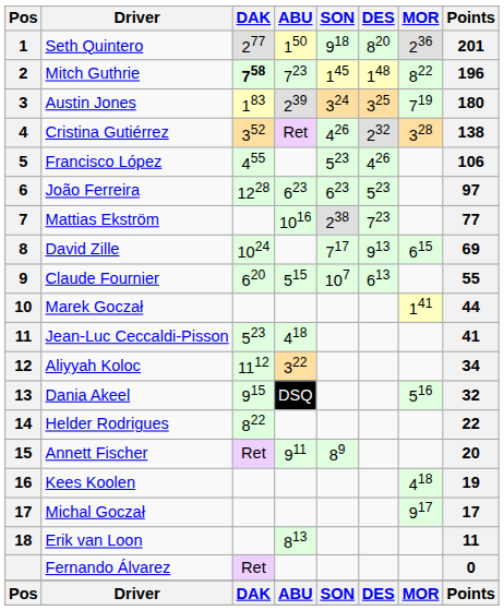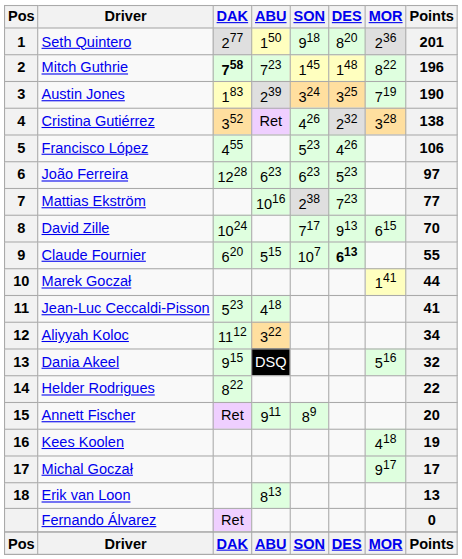 <table class="wikitable" style="font-size: 85%; text-align: center; display: inline-table;">
 <tr valign="top">
 <th valign="middle">Pos</th>
 <th valign="middle">Driver</th>
 <th><a href='#'>DAK</a><br></th>
 <th><a href='#'>ABU</a><br></th>
 <th><a href='#'>SON</a><br></th>
 <th><a href='#'>DES</a><br></th>
 <th><a href='#'>MOR</a><br></th>
 <th valign="middle">Points</th>
 </tr>
 <tr>
 <th>1</th>
 <td align=left> <a href='#'>Seth Quintero</a></td>
 <td style="background:#dfdfdf;">2<sup>77</sup></td>
 <td style="background:#ffffbf;">1<sup>50</sup></td>
 <td style="background:#dfffdf;">9<sup>18</sup></td>
 <td style="background:#dfffdf;">8<sup>20</sup></td>
 <td style="background:#dfdfdf;">2<sup>36</sup></td>
 <th>201</th>
 </tr>
 <tr>
 <th>2</th>
 <td align=left> <a href='#'>Mitch Guthrie</a></td>
 <td style="background:#dfffdf;"><strong>7<sup>58</sup></strong></td>
 <td style="background:#dfffdf;">7<sup>23</sup></td>
 <td style="background:#ffffbf;">1<sup>45</sup></td>
 <td style="background:#ffffbf;">1<sup>48</sup></td>
 <td style="background:#dfffdf;">8<sup>22</sup></td>
 <th>196</th>
 </tr>
 <tr>
 <th>3</th>
 <td align=left> <a href='#'>Austin Jones</a></td>
 <td style="background:#ffffbf;">1<sup>83</sup></td>
 <td style="background:#dfdfdf;">2<sup>39</sup></td>
 <td style="background:#ffdf9f;">3<sup>24</sup></td>
 <td style="background:#ffdf9f;">3<sup>25</sup></td>
 <td style="background:#dfffdf;">7<sup>19</sup></td>
-<th>180</th>
+<th>190</th>
 </tr>
 <tr>
 <th>4</th>
 <td align=left> <a href='#'>Cristina Gutiérrez</a></td>
 <td style="background:#ffdf9f;">3<sup>52</sup></td>
 <td style="background:#efcfff;">Ret</td>
 <td style="background:#dfffdf;">4<sup>26</sup></td>
 <td style="background:#dfdfdf;">2<sup>32</sup></td>
 <td style="background:#ffdf9f;">3<sup>28</sup></td>
 <th>138</th>
 </tr>
 <tr>
 <th>5</th>
 <td align=left> <a href='#'>Francisco López</a></td>
 <td style="background:#dfffdf;">4<sup>55</sup></td>
 <td></td>
 <td style="background:#dfffdf;">5<sup>23</sup></td>
 <td style="background:#dfffdf;">4<sup>26</sup></td>
 <td></td>
 <th>106</th>
 </tr>
 <tr>
 <th>6</th>
 <td align=left> <a href='#'>João Ferreira</a></td>
 <td style="background:#dfffdf;">12<sup>28</sup></td>
 <td style="background:#dfffdf;">6<sup>23</sup></td>
 <td style="background:#dfffdf;">6<sup>23</sup></td>
 <td style="background:#dfffdf;">5<sup>23</sup></td>
 <td></td>
 <th>97</th>
 </tr>
 <tr>
 <th>7</th>
 <td align=left> <a href='#'>Mattias Ekström</a></td>
 <td></td>
 <td style="background:#dfffdf;">10<sup>16</sup></td>
 <td style="background:#dfdfdf;">2<sup>38</sup></td>
 <td style="background:#dfffdf;">7<sup>23</sup></td>
 <td></td>
 <th>77</th>
 </tr>
 <tr>
 <th>8</th>
 <td align=left> <a href='#'>David Zille</a></td>
 <td style="background:#dfffdf;">10<sup>24</sup></td>
 <td></td>
 <td style="background:#dfffdf;">7<sup>17</sup></td>
 <td style="background:#dfffdf;">9<sup>13</sup></td>
 <td style="background:#dfffdf;">6<sup>15</sup></td>
-<th>69</th>
+<th>70</th>
 </tr>
 <tr>
 <th>9</th>
 <td align=left> <a href='#'>Claude Fournier</a></td>
 <td style="background:#dfffdf;">6<sup>20</sup></td>
 <td style="background:#dfffdf;">5<sup>15</sup></td>
 <td style="background:#dfffdf;">10<sup>7</sup></td>
-<td style="background:#dfffdf;">6<sup>13</sup></td>
+<td style="background:#dfffdf;"><strong>6<sup>13</sup></strong></td>
 <td></td>
 <th>55</th>
 </tr>
 <tr>
 <th>10</th>
 <td align=left> <a href='#'>Marek Goczał</a></td>
 <td></td>
 <td></td>
 <td></td>
 <td></td>
 <td style="background:#ffffbf;">1<sup>41</sup></td>
 <th>44</th>
 </tr>
 <tr>
 <th>11</th>
 <td align=left> <a href='#'>Jean-Luc Ceccaldi-Pisson</a></td>
 <td style="background:#dfffdf;">5<sup>23</sup></td>
 <td style="background:#dfffdf;">4<sup>18</sup></td>
 <td></td>
 <td></td>
 <td></td>
 <th>41</th>
 </tr>
 <tr>
 <th>12</th>
 <td align=left> <a href='#'>Aliyyah Koloc</a></td>
 <td style="background:#dfffdf;">11<sup>12</sup></td>
 <td style="background:#ffdf9f;">3<sup>22</sup></td>
 <td></td>
 <td></td>
 <td></td>
 <th>34</th>
 </tr>
 <tr>
 <th>13</th>
 <td align=left> <a href='#'>Dania Akeel</a></td>
 <td style="background:#dfffdf;">9<sup>15</sup></td>
 <td style="background-color:#000000;color:white">DSQ</td>
 <td></td>
 <td></td>
 <td style="background:#dfffdf;">5<sup>16</sup></td>
 <th>32</th>
 </tr>
 <tr>
 <th>14</th>
 <td align=left> <a href='#'>Helder Rodrigues</a></td>
 <td style="background:#dfffdf;">8<sup>22</sup></td>
 <td></td>
 <td></td>
 <td></td>
 <td></td>
 <th>22</th>
 </tr>
 <tr>
 <th>15</th>
 <td align=left> <a href='#'>Annett Fischer</a></td>
 <td style="background:#efcfff;">Ret</td>
 <td style="background:#dfffdf;">9<sup>11</sup></td>
 <td style="background:#dfffdf;">8<sup>9</sup></td>
 <td></td>
 <td></td>
 <th>20</th>
 </tr>
 <tr>
 <th>16</th>
 <td align=left> <a href='#'>Kees Koolen</a></td>
 <td></td>
 <td></td>
 <td></td>
 <td></td>
 <td style="background:#dfffdf;">4<sup>18</sup></td>
 <th>19</th>
 </tr>
 <tr>
 <th>17</th>
 <td align=left> <a href='#'>Michal Goczał</a></td>
 <td></td>
 <td></td>
 <td></td>
 <td></td>
 <td style="background:#dfffdf;">9<sup>17</sup></td>
 <th>17</th>
 </tr>
 <tr>
 <th>18</th>
 <td align=left> <a href='#'>Erik van Loon</a></td>
 <td></td>
 <td style="background:#dfffdf;">8<sup>13</sup></td>
 <td></td>
 <td></td>
 <td></td>
-<th>11</th>
+<th>13</th>
 </tr>
 <tr>
 <th></th>
 <td align=left> <a href='#'>Fernando Álvarez</a></td>
 <td style="background:#efcfff;">Ret</td>
 <td></td>
 <td></td>
 <td></td>
 <td></td>
 <th>0</th>
 </tr>
 <tr>
 </tr>
 <tr valign="top">
 <th valign="middle">Pos</th>
 <th valign="middle">Driver</th>
 <th><a href='#'>DAK</a><br></th>
 <th><a href='#'>ABU</a><br></th>
 <th><a href='#'>SON</a><br></th>
 <th><a href='#'>DES</a><br></th>
 <th><a href='#'>MOR</a><br></th>
 <th valign="middle">Points</th>
 </tr>
 <tr>
 </tr>
 </table>
